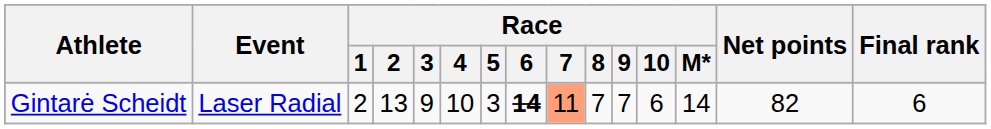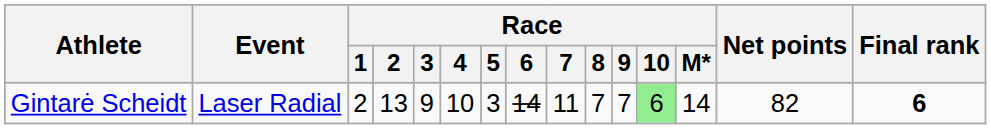 <table class="wikitable" style="font-size:90%">
 <tr>
 <th rowspan="2">Athlete</th>
 <th rowspan="2">Event</th>
 <th colspan=11>Race</th>
 <th rowspan=2>Net points</th>
 <th rowspan=2>Final rank</th>
 </tr>
 <tr style="font-size:95%">
 <th>1</th>
 <th>2</th>
 <th>3</th>
 <th>4</th>
 <th>5</th>
 <th>6</th>
 <th>7</th>
 <th>8</th>
 <th>9</th>
 <th>10</th>
 <th>M*</th>
 </tr>
 <tr align=center>
 <td align=left><a href='#'>Gintarė Scheidt</a></td>
 <td align=left><a href='#'>Laser Radial</a></td>
 <td>2</td>
 <td>13</td>
 <td>9</td>
 <td>10</td>
 <td>3</td>
-<td><strong><s>14</s></strong></td>
-<td style="background: lightsalmon;">11</td>
+<td><s>14</s></td>
+<td>11</td>
 <td>7</td>
 <td>7</td>
-<td>6</td>
+<td style="background: lightgreen;">6</td>
 <td>14</td>
 <td>82</td>
-<td>6</td>
+<td><strong>6</strong></td>
 </tr>
 </table>
